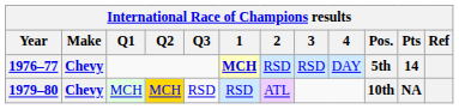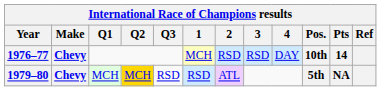 <table class="wikitable" style="text-align:center; font-size:75%">
 <tr>
 <th colspan=12><a href='#'>International Race of Champions</a> results</th>
 </tr>
 <tr>
 <th>Year</th>
 <th>Make</th>
 <th>Q1</th>
 <th>Q2</th>
 <th>Q3</th>
 <th>1</th>
 <th>2</th>
 <th>3</th>
 <th>4</th>
 <th>Pos.</th>
 <th>Pts</th>
 <th>Ref</th>
 </tr>
 <tr>
 <th><a href='#'>1976–77</a></th>
 <th><a href='#'>Chevy</a></th>
 <td colspan=3></td>
-<td style="background:#FFFFBF;"><strong><a href='#'>MCH</a><br></strong></td>
+<td style="background:#FFFFBF;"><a href='#'>MCH</a><br></td>
 <td style="background:#CFEAFF;"><a href='#'>RSD</a><br></td>
 <td style="background:#CFEAFF;"><a href='#'>RSD</a><br></td>
 <td style="background:#CFEAFF;"><a href='#'>DAY</a><br></td>
-<th>5th</th>
+<th>10th</th>
 <th>14</th>
 <th></th>
 </tr>
 <tr>
 <th><a href='#'>1979–80</a></th>
 <th><a href='#'>Chevy</a></th>
 <td style="background:#DFFFDF;"><a href='#'>MCH</a><br></td>
 <td style="background: gold;"><a href='#'>MCH</a></td>
 <td><a href='#'>RSD</a></td>
 <td style="background:#CFEAFF;"><a href='#'>RSD</a><br></td>
 <td style="background:#EFCFFF;"><a href='#'>ATL</a><br></td>
 <td colspan=2></td>
-<th>10th</th>
+<th>5th</th>
 <th>NA</th>
 <th></th>
 </tr>
 </table>
